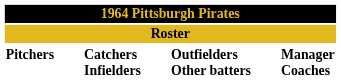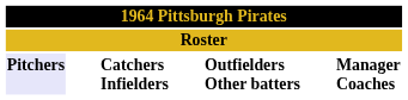 <table class="toccolours" style="font-size: 95%;">
 <tr>
 <th colspan="10" style="background-color: black; color: #e1b81e; text-align: center;">1964 Pittsburgh Pirates</th>
 </tr>
 <tr>
 <td colspan="10" style="background-color: #e1b81e; color: black; text-align: center;"><strong>Roster</strong></td>
 </tr>
 <tr>
-<td valign="top"><strong>Pitchers</strong><br>                </td>
+<td valign="top" style="background: lavender;"><strong>Pitchers</strong><br>                </td>
 <td width="25px"></td>
 <td valign="top"><strong>Catchers</strong><br>    <strong>Infielders</strong>      </td>
 <td width="25px"></td>
 <td valign="top"><strong>Outfielders</strong><br>       <strong>Other batters</strong> </td>
 <td width="25px"></td>
 <td valign="top"><strong>Manager</strong><br> <strong>Coaches</strong>     </td>
 </tr>
 </table>
